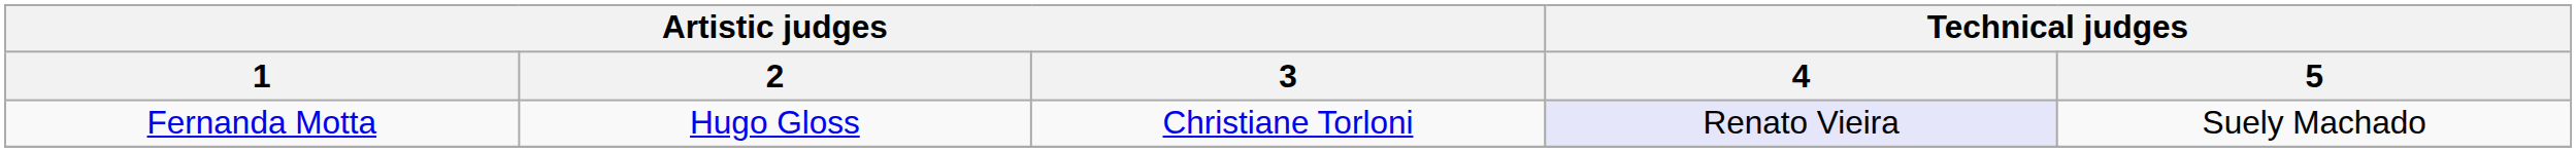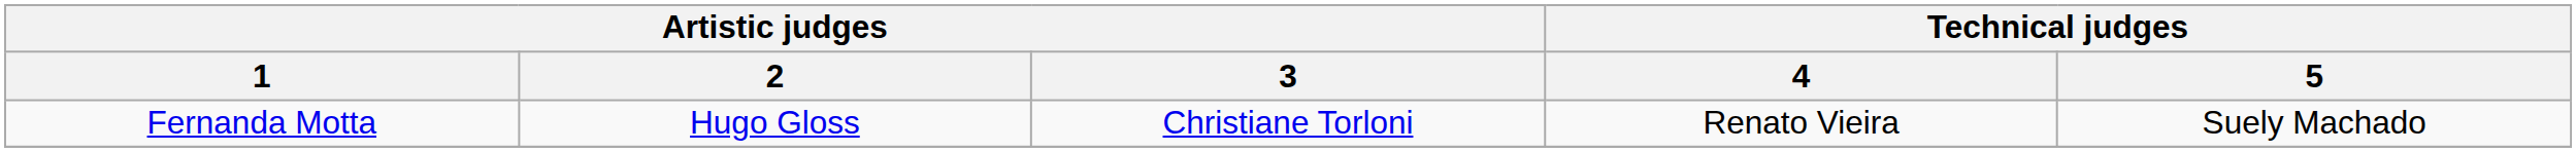 <table class="wikitable" style="font-size:100%; line-height:16px; text-align:center" width="100%">
 <tr>
 <th colspan=3>Artistic judges</th>
 <th colspan=2>Technical judges</th>
 </tr>
 <tr>
 <th style="width:20.0%;">1</th>
 <th style="width:20.0%;">2</th>
 <th style="width:20.0%;">3</th>
 <th style="width:20.0%;">4</th>
 <th style="width:20.0%;">5</th>
 </tr>
 <tr>
 <td><a href='#'>Fernanda Motta</a></td>
 <td><a href='#'>Hugo Gloss</a></td>
 <td><a href='#'>Christiane Torloni</a></td>
-<td style="background: lavender;">Renato Vieira</td>
+<td>Renato Vieira</td>
 <td>Suely Machado</td>
 </tr>
 <tr>
 </tr>
 </table>
